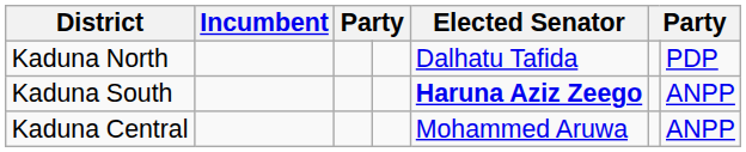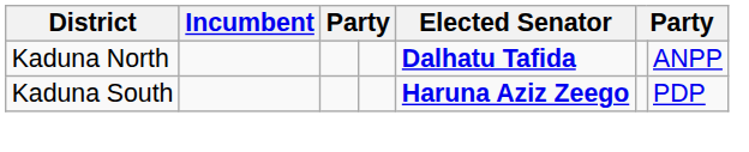 <table class="sortable wikitable" style="font-size:95%;line-height:14px;">
 <tr>
 <th class="unsortable">District</th>
 <th class="unsortable"><a href='#'>Incumbent</a></th>
 <th colspan="2">Party</th>
 <th class="unsortable">Elected Senator</th>
 <th colspan="2">Party</th>
 </tr>
 <tr>
 <td>Kaduna North</td>
 <td></td>
 <td></td>
 <td></td>
-<td><a href='#'>Dalhatu Tafida</a></td>
+<td><strong><a href='#'>Dalhatu Tafida</a></strong></td>
 <td style="background:"></td>
-<td><a href='#'>PDP</a></td>
+<td><a href='#'>ANPP</a></td>
 </tr>
 <tr>
 <td>Kaduna South</td>
 <td></td>
 <td></td>
 <td></td>
 <td><strong><a href='#'>Haruna Aziz Zeego</a></strong></td>
 <td style="background:"></td>
-<td><a href='#'>ANPP</a></td>
-</tr>
-<tr>
-<td>Kaduna Central</td>
-<td></td>
-<td></td>
-<td></td>
-<td><a href='#'>Mohammed Aruwa</a></td>
-<td style="background:"></td>
-<td><a href='#'>ANPP</a></td>
+<td><a href='#'>PDP</a></td>
 </tr>
 </table>
